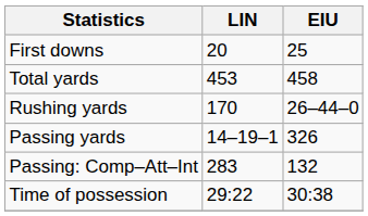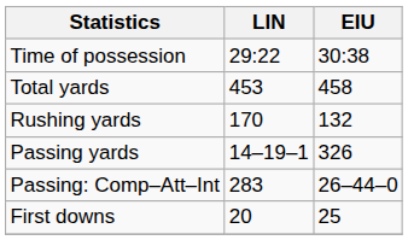 <table class="wikitable" style="float: left;">
 <tr>
 <th>Statistics</th>
 <th>LIN</th>
 <th>EIU</th>
 </tr>
 <tr>
-<td>First downs</td>
-<td>20</td>
-<td>25</td>
+<td>Time of possession</td>
+<td>29:22</td>
+<td>30:38</td>
 </tr>
 <tr>
 <td>Total yards</td>
 <td>453</td>
 <td>458</td>
 </tr>
 <tr>
 <td>Rushing yards</td>
 <td>170</td>
-<td>26–44–0</td>
+<td>132</td>
 </tr>
 <tr>
 <td>Passing yards</td>
 <td>14–19–1</td>
 <td>326</td>
 </tr>
 <tr>
 <td>Passing: Comp–Att–Int</td>
 <td>283</td>
-<td>132</td>
+<td>26–44–0</td>
 </tr>
 <tr>
-<td>Time of possession</td>
-<td>29:22</td>
-<td>30:38</td>
+<td>First downs</td>
+<td>20</td>
+<td>25</td>
 </tr>
 <tr>
 </tr>
 </table>
